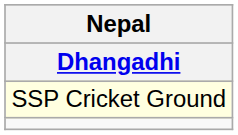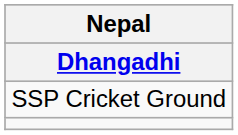 <table class="wikitable" style="text-align:center; font-size:90%; margin: 1em auto">
 <tr>
 <th>Nepal</th>
 </tr>
 <tr>
 <th><a href='#'>Dhangadhi</a></th>
 </tr>
 <tr>
-<td style="background: lightyellow;">SSP Cricket Ground</td>
+<td>SSP Cricket Ground</td>
 </tr>
 <tr>
 <td></td>
 </tr>
 </table>
